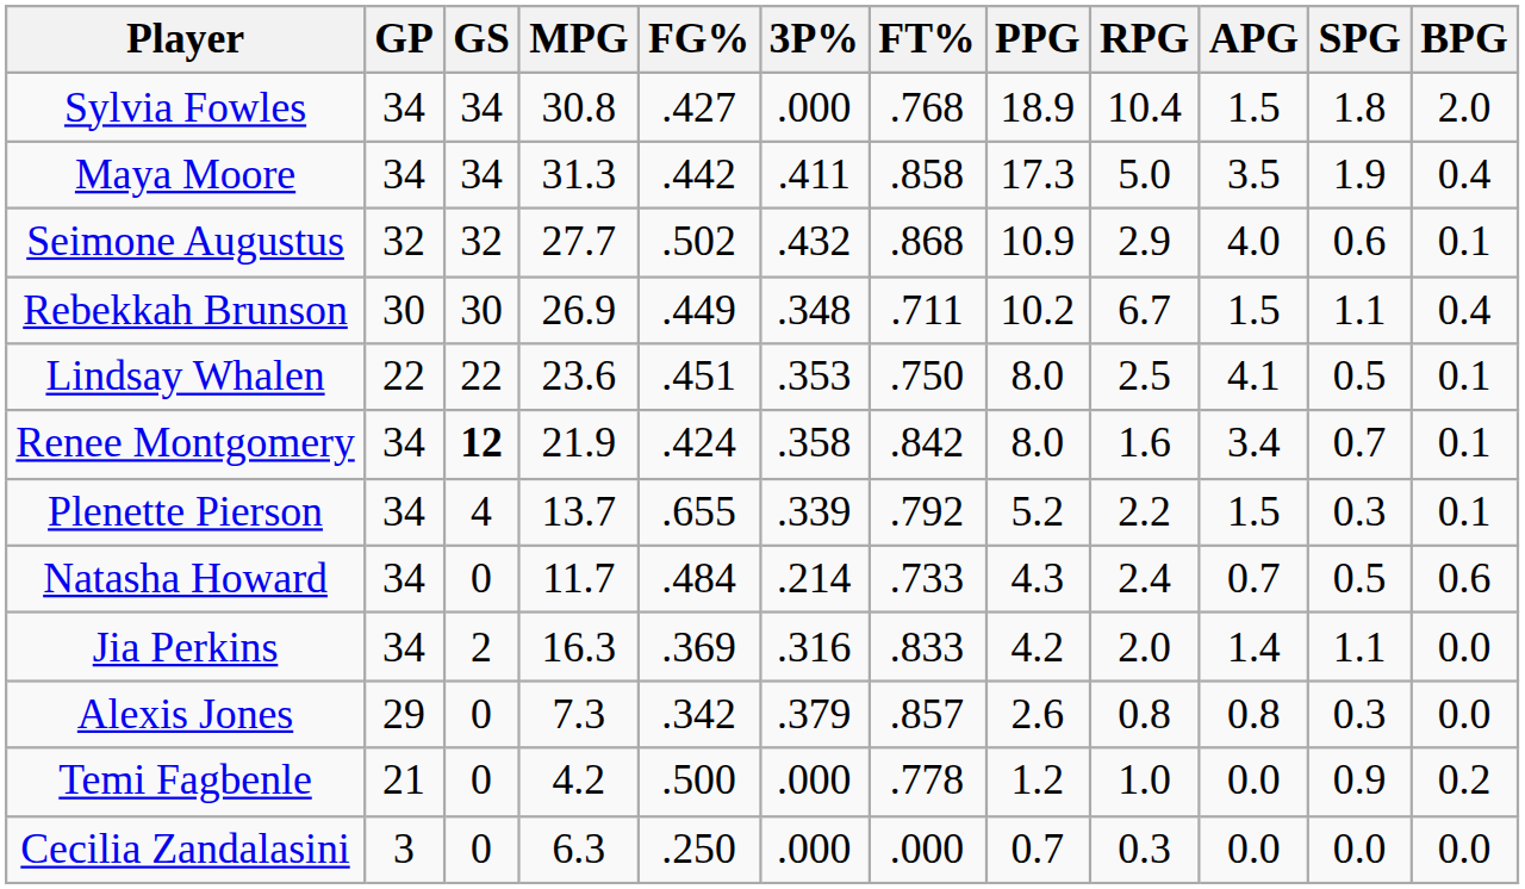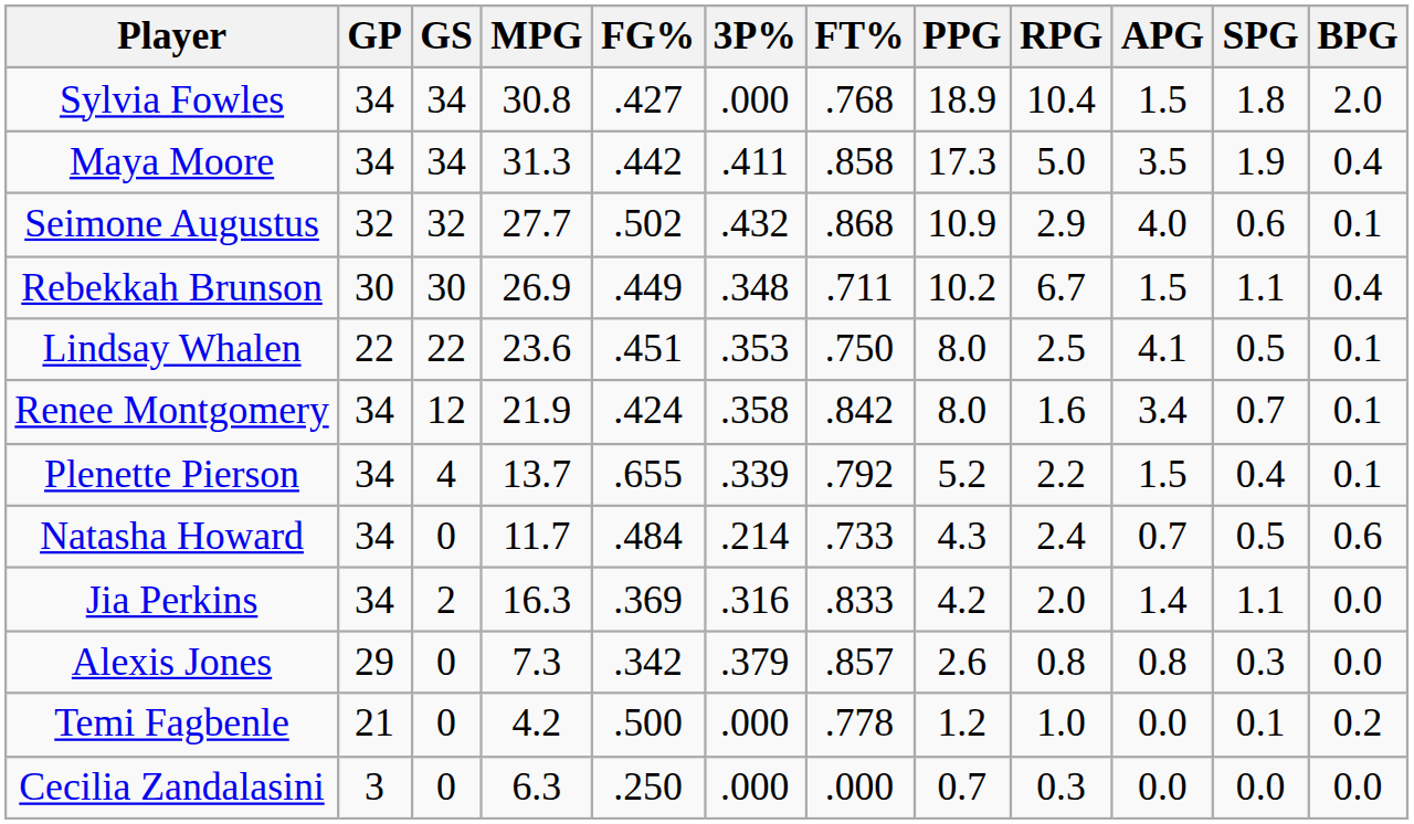 <table class="wikitable sortable" style="text-align:center;">
 <tr>
 <th>Player</th>
 <th>GP</th>
 <th>GS</th>
 <th>MPG</th>
 <th>FG%</th>
 <th>3P%</th>
 <th>FT%</th>
 <th>PPG</th>
 <th>RPG</th>
 <th>APG</th>
 <th>SPG</th>
 <th>BPG</th>
 </tr>
 <tr>
 <td><a href='#'>Sylvia Fowles</a></td>
 <td>34</td>
 <td>34</td>
 <td>30.8</td>
 <td>.427</td>
 <td>.000</td>
 <td>.768</td>
 <td>18.9</td>
 <td>10.4</td>
 <td>1.5</td>
 <td>1.8</td>
 <td>2.0</td>
 </tr>
 <tr>
 <td><a href='#'>Maya Moore</a></td>
 <td>34</td>
 <td>34</td>
 <td>31.3</td>
 <td>.442</td>
 <td>.411</td>
 <td>.858</td>
 <td>17.3</td>
 <td>5.0</td>
 <td>3.5</td>
 <td>1.9</td>
 <td>0.4</td>
 </tr>
 <tr>
 <td><a href='#'>Seimone Augustus</a></td>
 <td>32</td>
 <td>32</td>
 <td>27.7</td>
 <td>.502</td>
 <td>.432</td>
 <td>.868</td>
 <td>10.9</td>
 <td>2.9</td>
 <td>4.0</td>
 <td>0.6</td>
 <td>0.1</td>
 </tr>
 <tr>
 <td><a href='#'>Rebekkah Brunson</a></td>
 <td>30</td>
 <td>30</td>
 <td>26.9</td>
 <td>.449</td>
 <td>.348</td>
 <td>.711</td>
 <td>10.2</td>
 <td>6.7</td>
 <td>1.5</td>
 <td>1.1</td>
 <td>0.4</td>
 </tr>
 <tr>
 <td><a href='#'>Lindsay Whalen</a></td>
 <td>22</td>
 <td>22</td>
 <td>23.6</td>
 <td>.451</td>
 <td>.353</td>
 <td>.750</td>
 <td>8.0</td>
 <td>2.5</td>
 <td>4.1</td>
 <td>0.5</td>
 <td>0.1</td>
 </tr>
 <tr>
 <td><a href='#'>Renee Montgomery</a></td>
 <td>34</td>
-<td><strong>12</strong></td>
+<td>12</td>
 <td>21.9</td>
 <td>.424</td>
 <td>.358</td>
 <td>.842</td>
 <td>8.0</td>
 <td>1.6</td>
 <td>3.4</td>
 <td>0.7</td>
 <td>0.1</td>
 </tr>
 <tr>
 <td><a href='#'>Plenette Pierson</a></td>
 <td>34</td>
 <td>4</td>
 <td>13.7</td>
 <td>.655</td>
 <td>.339</td>
 <td>.792</td>
 <td>5.2</td>
 <td>2.2</td>
 <td>1.5</td>
-<td>0.3</td>
+<td>0.4</td>
 <td>0.1</td>
 </tr>
 <tr>
 <td><a href='#'>Natasha Howard</a></td>
 <td>34</td>
 <td>0</td>
 <td>11.7</td>
 <td>.484</td>
 <td>.214</td>
 <td>.733</td>
 <td>4.3</td>
 <td>2.4</td>
 <td>0.7</td>
 <td>0.5</td>
 <td>0.6</td>
 </tr>
 <tr>
 <td><a href='#'>Jia Perkins</a></td>
 <td>34</td>
 <td>2</td>
 <td>16.3</td>
 <td>.369</td>
 <td>.316</td>
 <td>.833</td>
 <td>4.2</td>
 <td>2.0</td>
 <td>1.4</td>
 <td>1.1</td>
 <td>0.0</td>
 </tr>
 <tr>
 <td><a href='#'>Alexis Jones</a></td>
 <td>29</td>
 <td>0</td>
 <td>7.3</td>
 <td>.342</td>
 <td>.379</td>
 <td>.857</td>
 <td>2.6</td>
 <td>0.8</td>
 <td>0.8</td>
 <td>0.3</td>
 <td>0.0</td>
 </tr>
 <tr>
 <td><a href='#'>Temi Fagbenle</a></td>
 <td>21</td>
 <td>0</td>
 <td>4.2</td>
 <td>.500</td>
 <td>.000</td>
 <td>.778</td>
 <td>1.2</td>
 <td>1.0</td>
 <td>0.0</td>
-<td>0.9</td>
+<td>0.1</td>
 <td>0.2</td>
 </tr>
 <tr>
 <td><a href='#'>Cecilia Zandalasini</a></td>
 <td>3</td>
 <td>0</td>
 <td>6.3</td>
 <td>.250</td>
 <td>.000</td>
 <td>.000</td>
 <td>0.7</td>
 <td>0.3</td>
 <td>0.0</td>
 <td>0.0</td>
 <td>0.0</td>
 </tr>
 </table>
